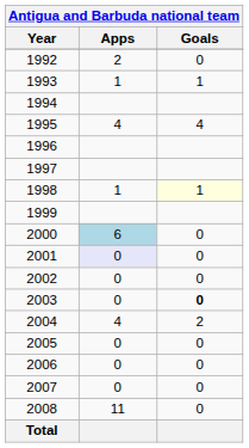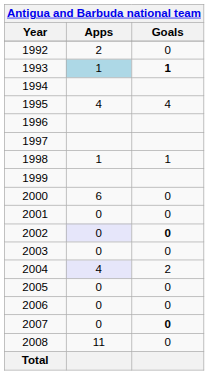 <table class="wikitable" style="text-align:center">
 <tr>
 <th colspan=3><a href='#'>Antigua and Barbuda national team</a></th>
 </tr>
 <tr>
 <th>Year</th>
 <th>Apps</th>
 <th>Goals</th>
 </tr>
 <tr>
 </tr>
 <tr>
 <td>1992</td>
 <td>2</td>
 <td>0</td>
 </tr>
 <tr>
 <td>1993</td>
-<td>1</td>
-<td>1</td>
+<td style="background: lightblue;">1</td>
+<td><strong>1</strong></td>
 </tr>
 <tr>
 <td>1994</td>
 <td></td>
 <td></td>
 </tr>
 <tr>
 <td>1995</td>
 <td>4</td>
 <td>4</td>
 </tr>
 <tr>
 <td>1996</td>
 <td></td>
 <td></td>
 </tr>
 <tr>
 <td>1997</td>
 <td></td>
 <td></td>
 </tr>
 <tr>
 <td>1998</td>
 <td>1</td>
-<td style="background: lightyellow;">1</td>
+<td>1</td>
 </tr>
 <tr>
 <td>1999</td>
 <td></td>
 <td></td>
 </tr>
 <tr>
 <td>2000</td>
-<td style="background: lightblue;">6</td>
+<td>6</td>
 <td>0</td>
 </tr>
 <tr>
 <td>2001</td>
-<td style="background: lavender;">0</td>
+<td>0</td>
 <td>0</td>
 </tr>
 <tr>
 <td>2002</td>
+<td style="background: lavender;">0</td>
+<td><strong>0</strong></td>
+</tr>
+<tr>
+<td>2003</td>
 <td>0</td>
 <td>0</td>
 </tr>
 <tr>
-<td>2003</td>
-<td>0</td>
-<td><strong>0</strong></td>
-</tr>
-<tr>
 <td>2004</td>
-<td>4</td>
+<td style="background: lavender;">4</td>
 <td>2</td>
 </tr>
 <tr>
 <td>2005</td>
 <td>0</td>
 <td>0</td>
 </tr>
 <tr>
 <td>2006</td>
 <td>0</td>
 <td>0</td>
 </tr>
 <tr>
 <td>2007</td>
 <td>0</td>
-<td>0</td>
+<td><strong>0</strong></td>
 </tr>
 <tr>
 <td>2008</td>
 <td>11</td>
 <td>0</td>
 </tr>
 <tr>
 <th>Total</th>
 <th></th>
 <th></th>
 </tr>
 </table>
